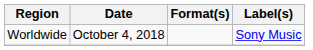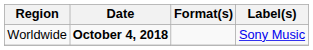 <table class="wikitable">
 <tr>
 <th>Region</th>
 <th>Date</th>
 <th>Format(s)</th>
 <th>Label(s)</th>
 </tr>
 <tr>
 <td>Worldwide</td>
-<td rowspan="1">October 4, 2018</td>
+<td rowspan="1"><strong>October 4, 2018</strong></td>
 <td rowspan="1" align="center"></td>
 <td align="center"><a href='#'>Sony Music</a></td>
 </tr>
 <tr>
 </tr>
 </table>
